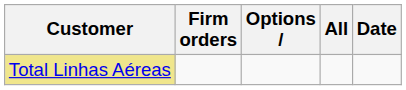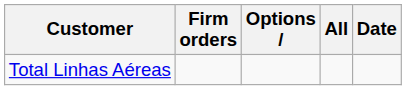 <table class="wikitable sortable">
 <tr>
 <th>Customer</th>
 <th>Firm<br>orders</th>
 <th>Options<br>/</th>
 <th>All</th>
 <th data-sort-type="date">Date</th>
 </tr>
 <tr>
-<td style="background: khaki;"><a href='#'>Total Linhas Aéreas</a></td>
+<td><a href='#'>Total Linhas Aéreas</a></td>
 <td></td>
 <td></td>
 <td></td>
 <td></td>
 </tr>
 </table>
